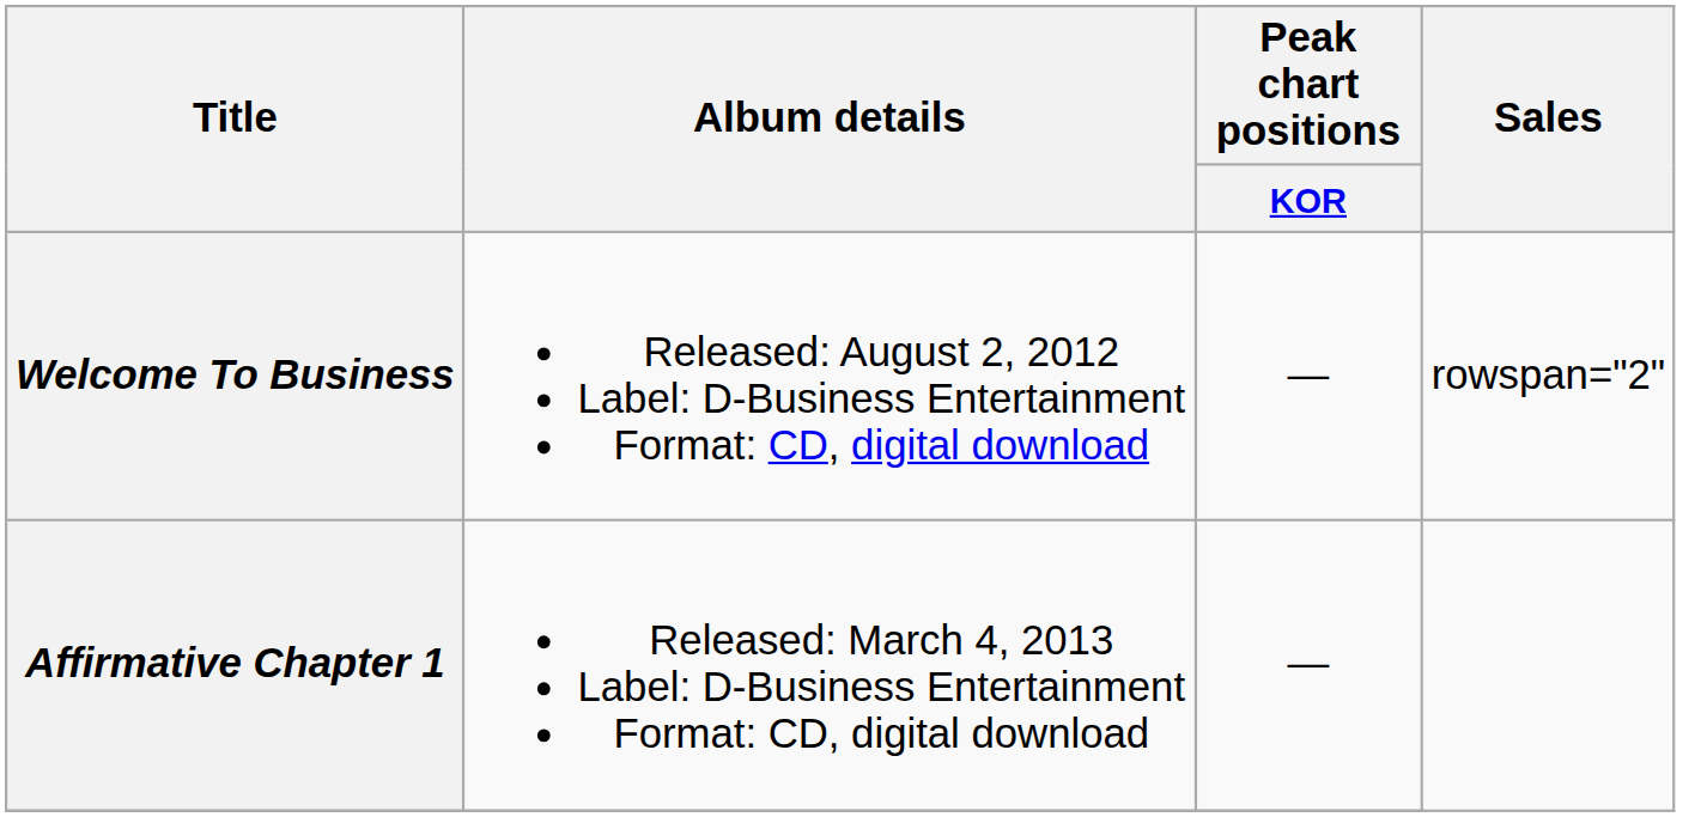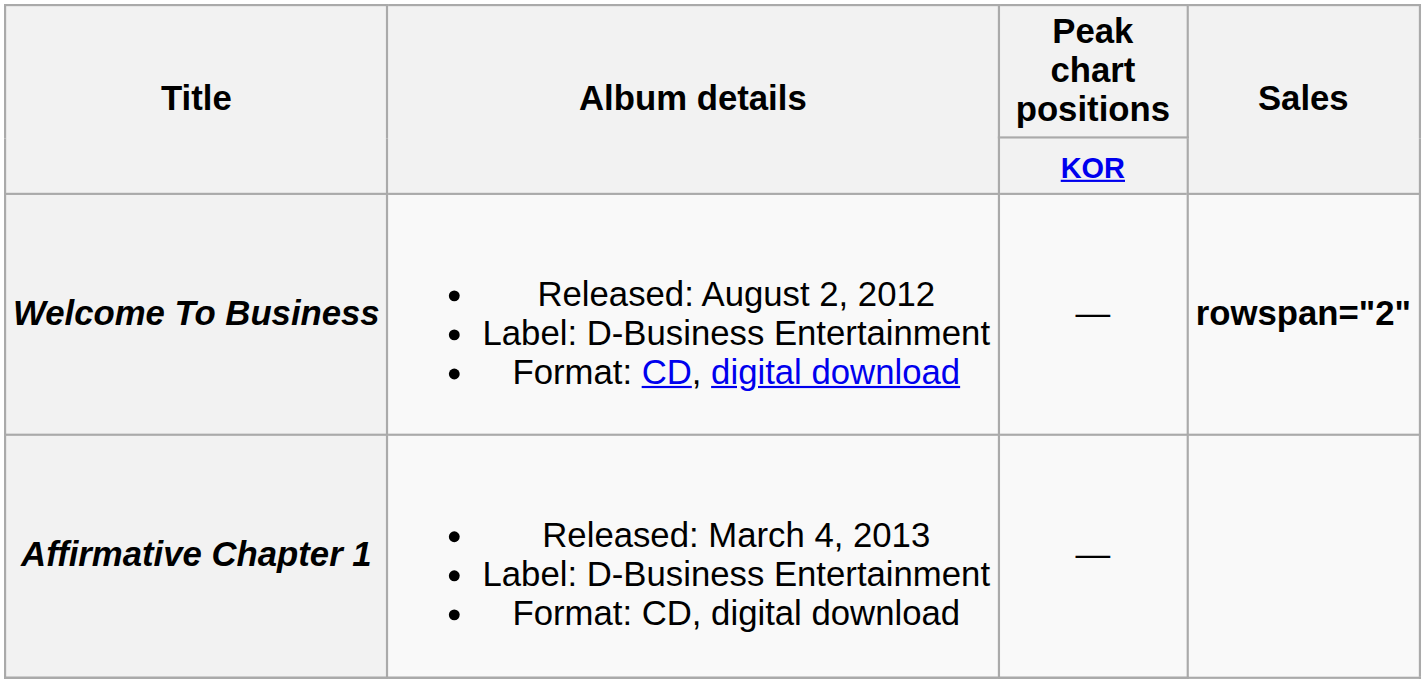 <table class="wikitable plainrowheaders" style="text-align:center;">
 <tr>
 <th rowspan="2" scope="col">Title</th>
 <th rowspan="2" scope="col">Album details</th>
 <th colspan="1" scope="col" style="width:5em;">Peak chart positions</th>
 <th rowspan="2" scope="col">Sales</th>
 </tr>
 <tr>
 <th><small><a href='#'>KOR</a></small><br></th>
 </tr>
 <tr>
 <th scope="row"><em>Welcome To Business</em></th>
 <td><br><ul><li>Released: August 2, 2012</li><li>Label: D-Business Entertainment</li><li>Format: <a href='#'>CD</a>, <a href='#'>digital download</a></li></ul></td>
 <td>—</td>
-<td>rowspan="2" </td>
+<td><strong>rowspan="2" </strong></td>
 </tr>
 <tr>
 <th scope="row"><em>Affirmative Chapter 1</em></th>
 <td><br><ul><li>Released: March 4, 2013</li><li>Label: D-Business Entertainment</li><li>Format: CD, digital download</li></ul></td>
 <td>—</td>
 </tr>
 <tr>
 </tr>
 </table>
